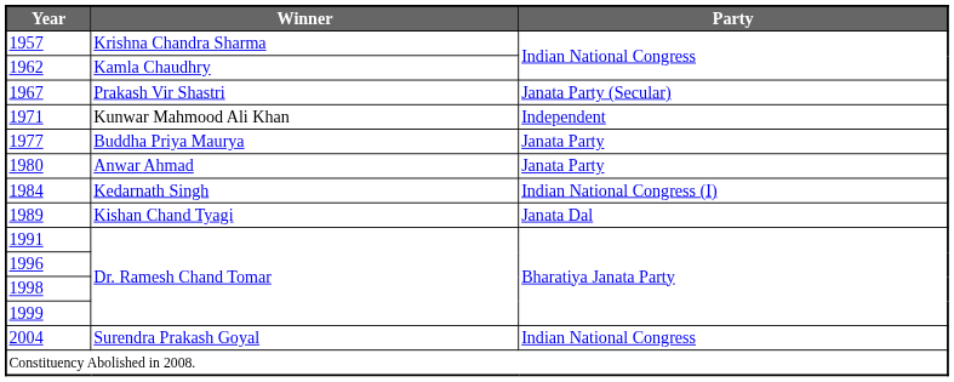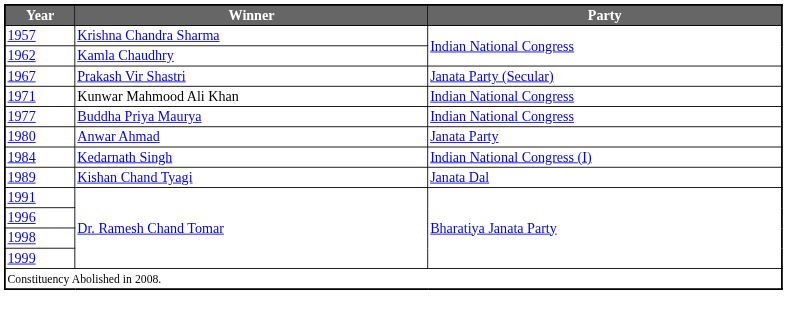 <table class="sortable" width="70%" cellpadding="2" cellspacing="0" border="1" style="border-collapse: collapse; border: 2px #000000 solid; font-size: x-big; font-family: verdana">
 <tr>
 <th style="background-color:#666666; color:white">Year</th>
 <th style="background-color:#666666; color:white">Winner</th>
 <th style="background-color:#666666; color:white">Party</th>
 </tr>
 <tr>
 <td><a href='#'>1957</a></td>
 <td><a href='#'>Krishna Chandra Sharma</a></td>
 <td rowspan=2><a href='#'>Indian National Congress</a></td>
 </tr>
 <tr>
 <td><a href='#'>1962</a></td>
 <td><a href='#'>Kamla Chaudhry</a></td>
 </tr>
 <tr>
 <td><a href='#'>1967</a></td>
 <td><a href='#'>Prakash Vir Shastri</a></td>
 <td><a href='#'>Janata Party (Secular)</a></td>
 </tr>
 <tr>
 <td><a href='#'>1971</a></td>
 <td>Kunwar Mahmood Ali Khan</td>
-<td><a href='#'>Independent</a></td>
+<td><a href='#'>Indian National Congress</a></td>
 </tr>
 <tr>
 <td><a href='#'>1977</a></td>
 <td><a href='#'>Buddha Priya Maurya</a></td>
-<td><a href='#'>Janata Party</a></td>
+<td><a href='#'>Indian National Congress</a></td>
 </tr>
 <tr>
 <td><a href='#'>1980</a></td>
 <td><a href='#'>Anwar Ahmad</a></td>
 <td><a href='#'>Janata Party</a></td>
 </tr>
 <tr>
 <td><a href='#'>1984</a></td>
 <td><a href='#'>Kedarnath Singh</a></td>
 <td><a href='#'>Indian National Congress (I)</a></td>
 </tr>
 <tr>
 <td><a href='#'>1989</a></td>
 <td><a href='#'>Kishan Chand Tyagi</a></td>
 <td><a href='#'>Janata Dal</a></td>
 </tr>
 <tr>
 <td><a href='#'>1991</a></td>
 <td rowspan=4><a href='#'>Dr. Ramesh Chand Tomar</a></td>
 <td rowspan=4><a href='#'>Bharatiya Janata Party</a></td>
 </tr>
 <tr>
 <td><a href='#'>1996</a></td>
 </tr>
 <tr>
 <td><a href='#'>1998</a></td>
 </tr>
 <tr>
 <td><a href='#'>1999</a></td>
 </tr>
 <tr>
-<td><a href='#'>2004</a></td>
-<td><a href='#'>Surendra Prakash Goyal</a></td>
-<td><a href='#'>Indian National Congress</a></td>
-</tr>
-<tr>
 <td colspan="3"><small>Constituency Abolished in 2008.</small></td>
 </tr>
 </table>
